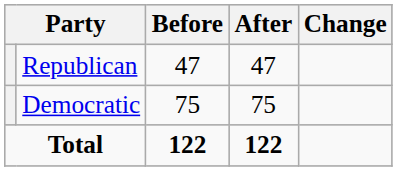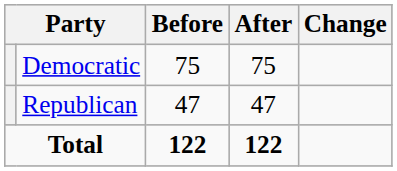 <table class="wikitable" style="text-align:center;">
 <tr>
 <th colspan="2">Party</th>
 <th>Before</th>
 <th>After</th>
 <th>Change</th>
 </tr>
 <tr>
 <th style="background-color:"></th>
-<td style="text-align:left;"><a href='#'>Republican</a></td>
-<td>47</td>
-<td>47</td>
+<td style="text-align:left;"><a href='#'>Democratic</a></td>
+<td>75</td>
+<td>75</td>
 <td></td>
 </tr>
 <tr>
 <th style="background-color:"></th>
-<td style="text-align:left;"><a href='#'>Democratic</a></td>
-<td>75</td>
-<td>75</td>
+<td style="text-align:left;"><a href='#'>Republican</a></td>
+<td>47</td>
+<td>47</td>
 <td></td>
 </tr>
 <tr>
 <td colspan="2"><strong>Total</strong></td>
 <td><strong>122</strong></td>
 <td><strong>122</strong></td>
 </tr>
 </table>
